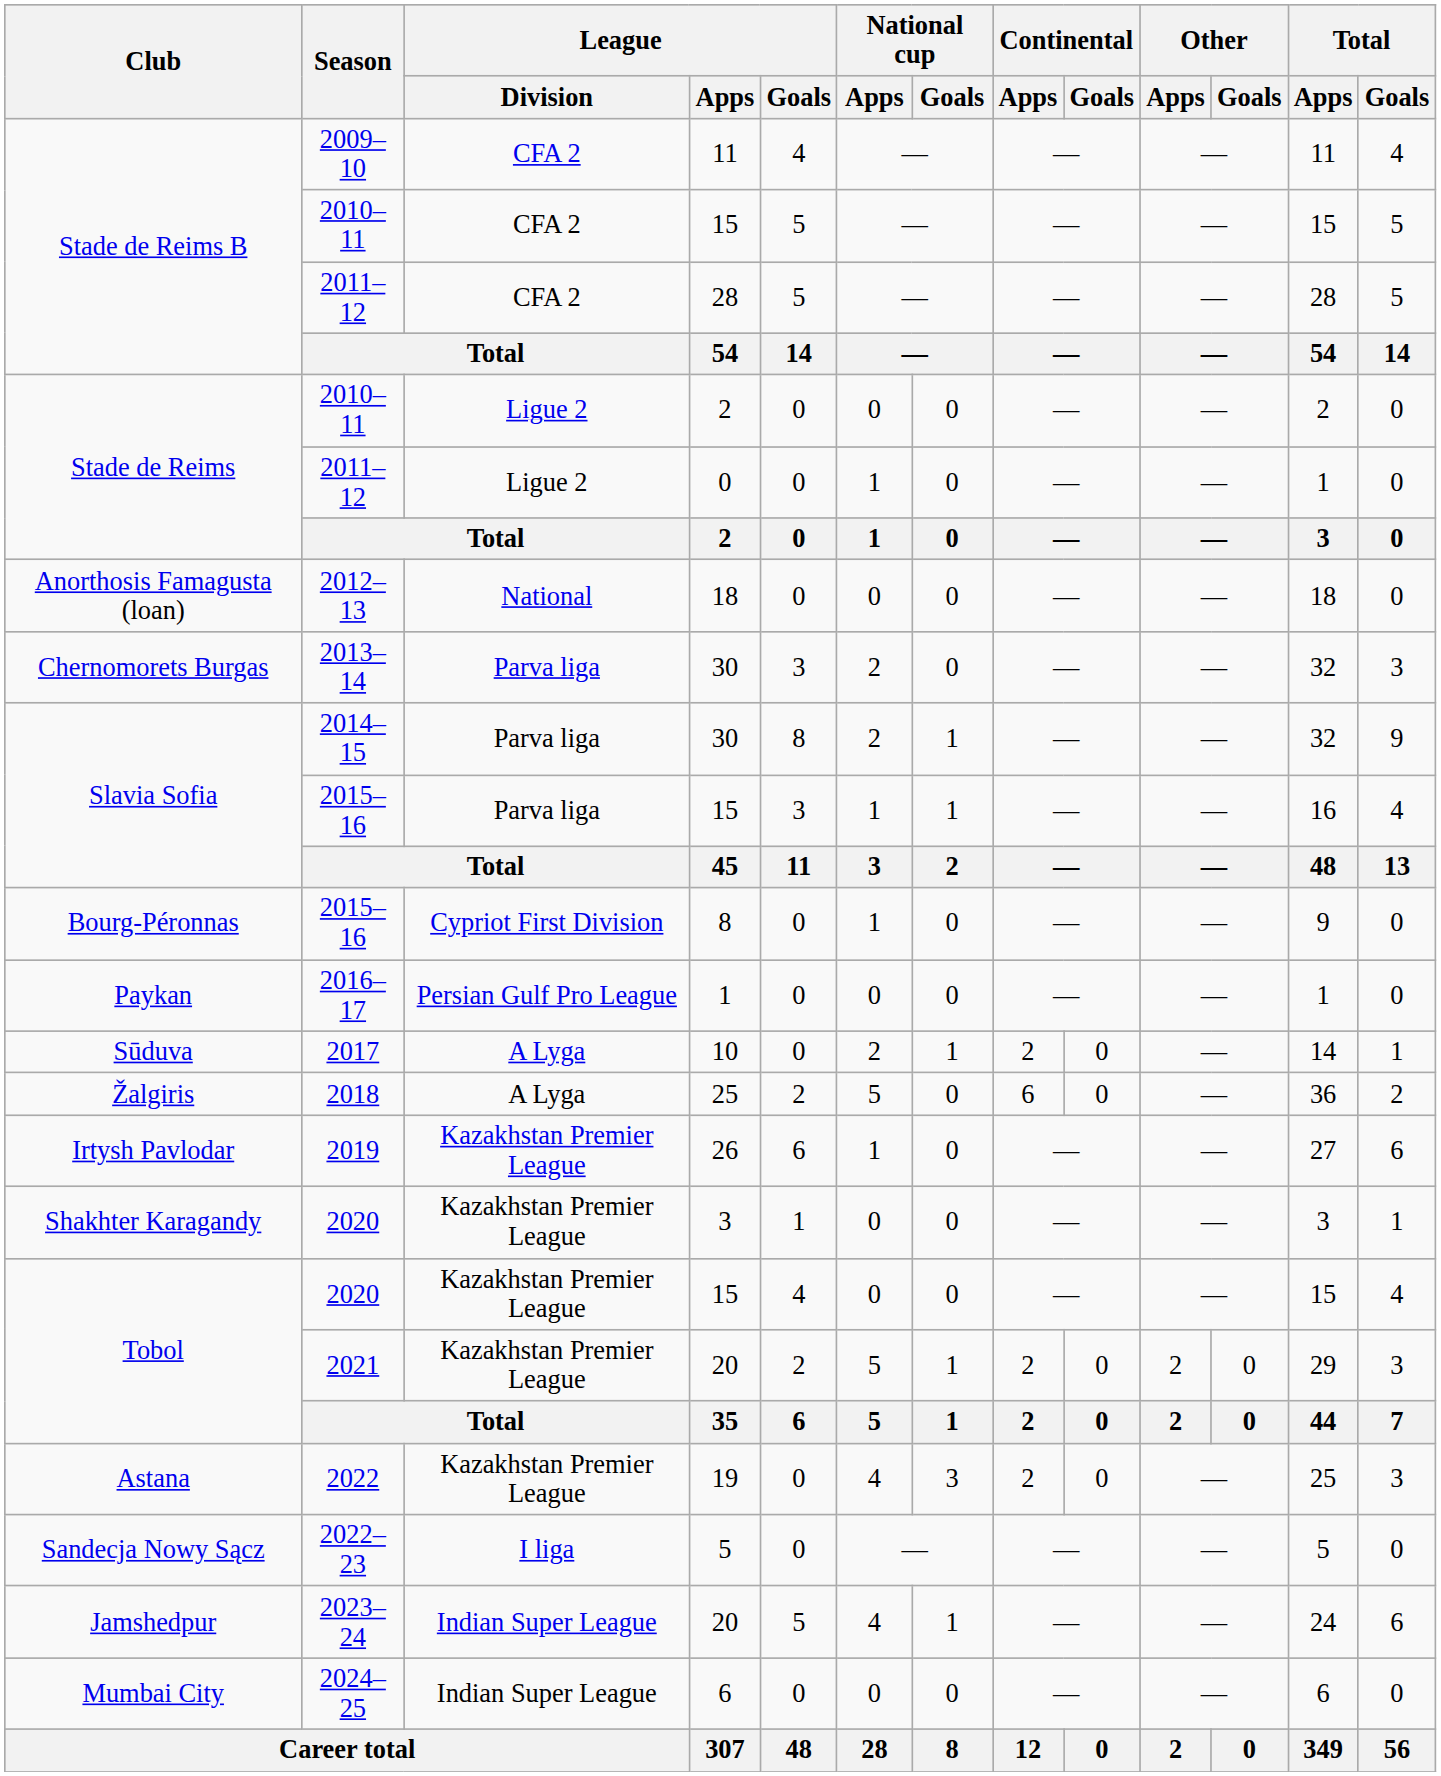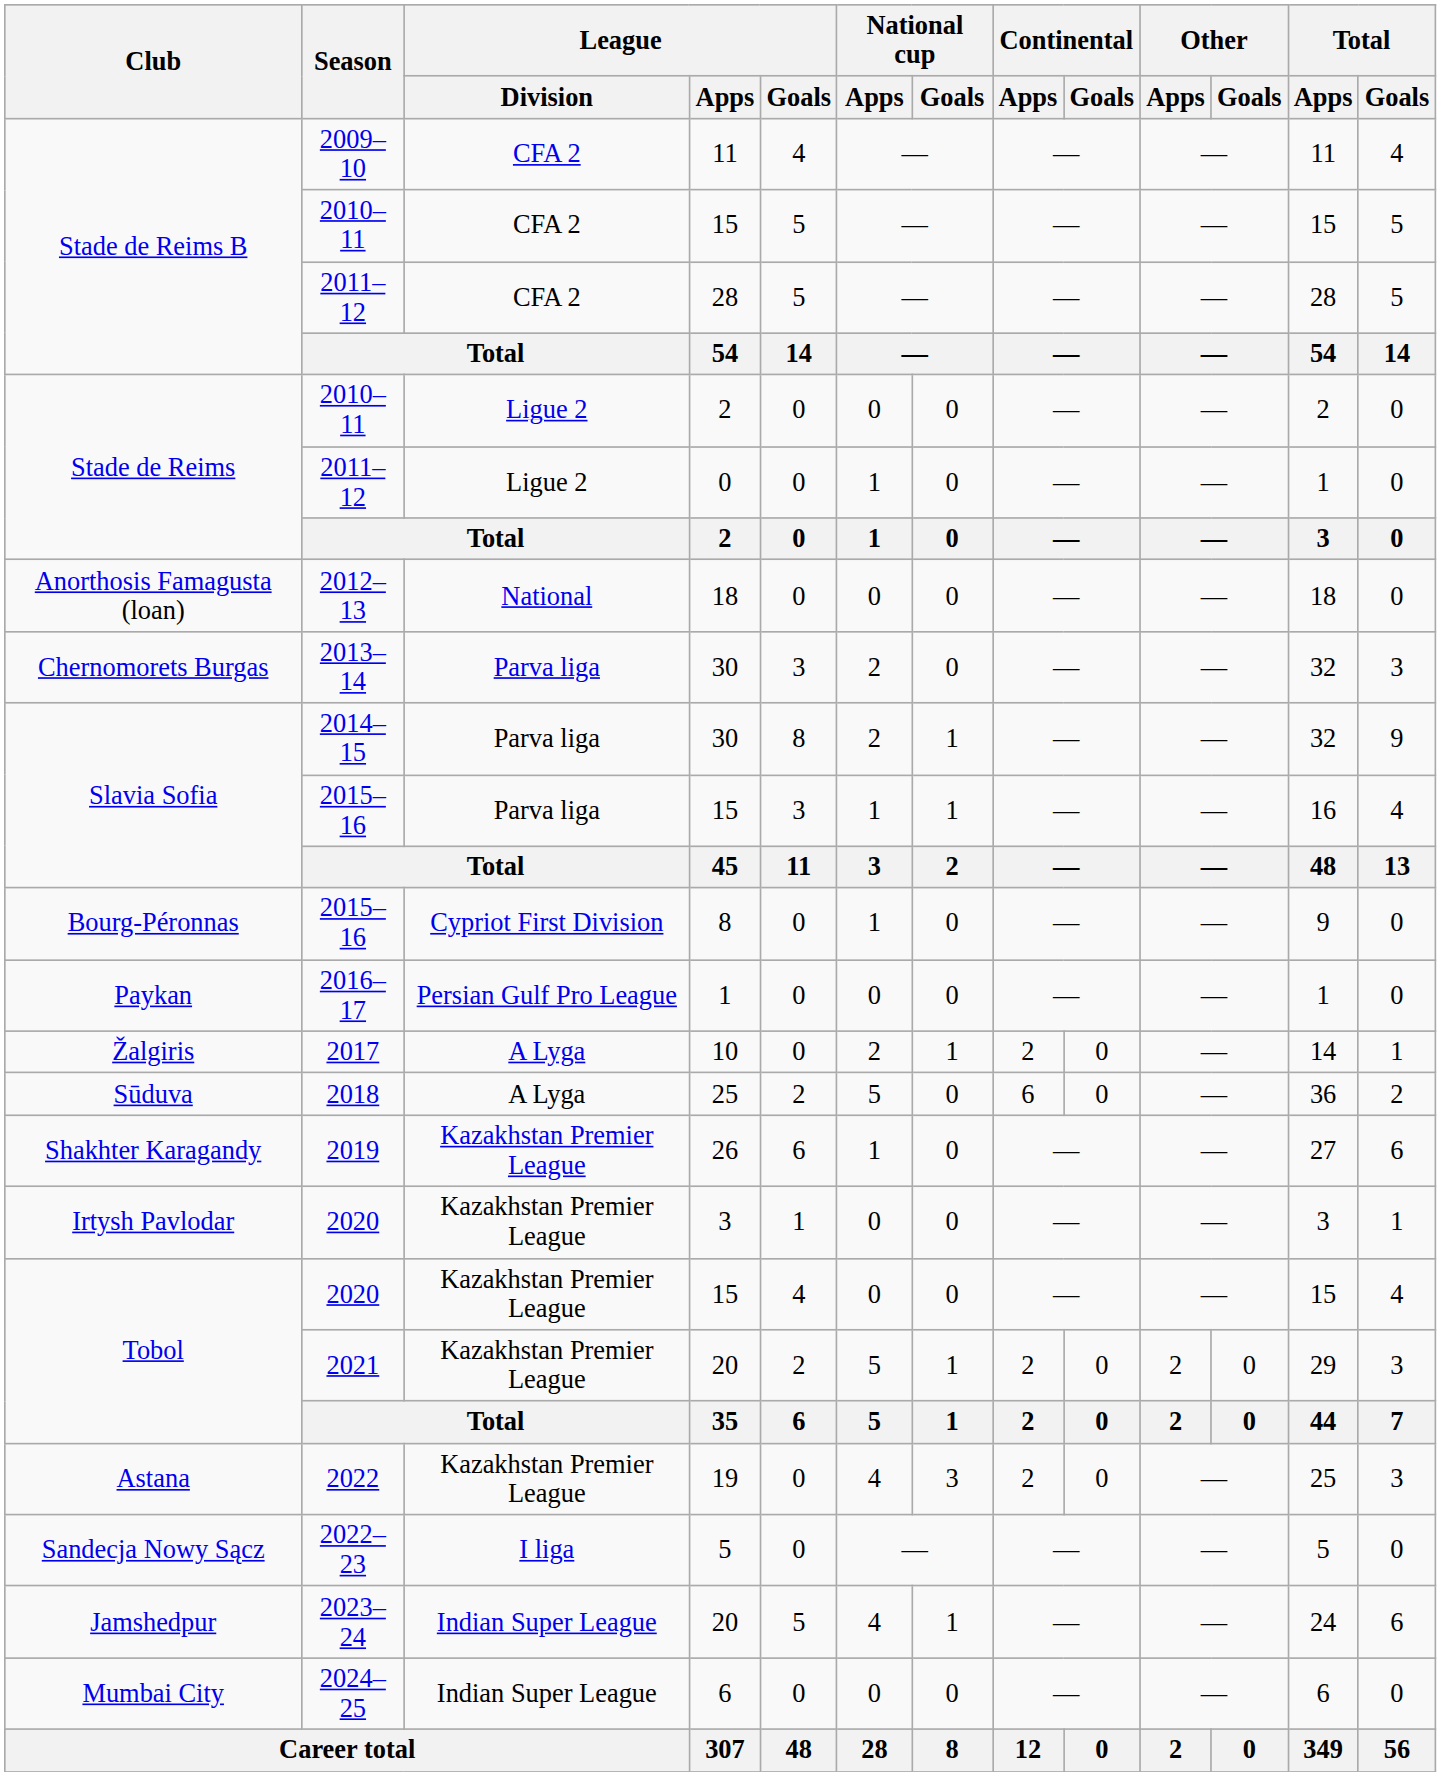 <table class="wikitable" style="text-align:center">
 <tr>
 <th rowspan="2">Club</th>
 <th rowspan="2">Season</th>
 <th colspan="3">League</th>
 <th colspan="2">National cup</th>
 <th colspan="2">Continental</th>
 <th colspan="2">Other</th>
 <th colspan="2">Total</th>
 </tr>
 <tr>
 <th>Division</th>
 <th>Apps</th>
 <th>Goals</th>
 <th>Apps</th>
 <th>Goals</th>
 <th>Apps</th>
 <th>Goals</th>
 <th>Apps</th>
 <th>Goals</th>
 <th>Apps</th>
 <th>Goals</th>
 </tr>
 <tr>
 <td rowspan="4"><a href='#'>Stade de Reims B</a></td>
 <td><a href='#'>2009–10</a></td>
 <td><a href='#'>CFA 2</a></td>
 <td>11</td>
 <td>4</td>
 <td colspan="2">—</td>
 <td colspan="2">—</td>
 <td colspan="2">—</td>
 <td>11</td>
 <td>4</td>
 </tr>
 <tr>
 <td><a href='#'>2010–11</a></td>
 <td>CFA 2</td>
 <td>15</td>
 <td>5</td>
 <td colspan="2">—</td>
 <td colspan="2">—</td>
 <td colspan="2">—</td>
 <td>15</td>
 <td>5</td>
 </tr>
 <tr>
 <td><a href='#'>2011–12</a></td>
 <td>CFA 2</td>
 <td>28</td>
 <td>5</td>
 <td colspan="2">—</td>
 <td colspan="2">—</td>
 <td colspan="2">—</td>
 <td>28</td>
 <td>5</td>
 </tr>
 <tr>
 <th colspan="2">Total</th>
 <th>54</th>
 <th>14</th>
 <th colspan="2">—</th>
 <th colspan="2">—</th>
 <th colspan="2">—</th>
 <th>54</th>
 <th>14</th>
 </tr>
 <tr>
 <td rowspan="3"><a href='#'>Stade de Reims</a></td>
 <td><a href='#'>2010–11</a></td>
 <td><a href='#'>Ligue 2</a></td>
 <td>2</td>
 <td>0</td>
 <td>0</td>
 <td>0</td>
 <td colspan="2">—</td>
 <td colspan="2">—</td>
 <td>2</td>
 <td>0</td>
 </tr>
 <tr>
 <td><a href='#'>2011–12</a></td>
 <td>Ligue 2</td>
 <td>0</td>
 <td>0</td>
 <td>1</td>
 <td>0</td>
 <td colspan="2">—</td>
 <td colspan="2">—</td>
 <td>1</td>
 <td>0</td>
 </tr>
 <tr>
 <th colspan="2">Total</th>
 <th>2</th>
 <th>0</th>
 <th>1</th>
 <th>0</th>
 <th colspan="2">—</th>
 <th colspan="2">—</th>
 <th>3</th>
 <th>0</th>
 </tr>
 <tr>
 <td><a href='#'>Anorthosis Famagusta</a> (loan)</td>
 <td><a href='#'>2012–13</a></td>
 <td><a href='#'>National</a></td>
 <td>18</td>
 <td>0</td>
 <td>0</td>
 <td>0</td>
 <td colspan="2">—</td>
 <td colspan="2">—</td>
 <td>18</td>
 <td>0</td>
 </tr>
 <tr>
 <td><a href='#'>Chernomorets Burgas</a></td>
 <td><a href='#'>2013–14</a></td>
 <td><a href='#'>Parva liga</a></td>
 <td>30</td>
 <td>3</td>
 <td>2</td>
 <td>0</td>
 <td colspan="2">—</td>
 <td colspan="2">—</td>
 <td>32</td>
 <td>3</td>
 </tr>
 <tr>
 <td rowspan="3"><a href='#'>Slavia Sofia</a></td>
 <td><a href='#'>2014–15</a></td>
 <td>Parva liga</td>
 <td>30</td>
 <td>8</td>
 <td>2</td>
 <td>1</td>
 <td colspan="2">—</td>
 <td colspan="2">—</td>
 <td>32</td>
 <td>9</td>
 </tr>
 <tr>
 <td><a href='#'>2015–16</a></td>
 <td>Parva liga</td>
 <td>15</td>
 <td>3</td>
 <td>1</td>
 <td>1</td>
 <td colspan="2">—</td>
 <td colspan="2">—</td>
 <td>16</td>
 <td>4</td>
 </tr>
 <tr>
 <th colspan="2">Total</th>
 <th>45</th>
 <th>11</th>
 <th>3</th>
 <th>2</th>
 <th colspan="2">—</th>
 <th colspan="2">—</th>
 <th>48</th>
 <th>13</th>
 </tr>
 <tr>
 <td><a href='#'>Bourg-Péronnas</a></td>
 <td><a href='#'>2015–16</a></td>
 <td><a href='#'>Cypriot First Division</a></td>
 <td>8</td>
 <td>0</td>
 <td>1</td>
 <td>0</td>
 <td colspan="2">—</td>
 <td colspan="2">—</td>
 <td>9</td>
 <td>0</td>
 </tr>
 <tr>
 <td><a href='#'>Paykan</a></td>
 <td><a href='#'>2016–17</a></td>
 <td><a href='#'>Persian Gulf Pro League</a></td>
 <td>1</td>
 <td>0</td>
 <td>0</td>
 <td>0</td>
 <td colspan="2">—</td>
 <td colspan="2">—</td>
 <td>1</td>
 <td>0</td>
 </tr>
 <tr>
-<td><a href='#'>Sūduva</a></td>
+<td><a href='#'>Žalgiris</a></td>
 <td><a href='#'>2017</a></td>
 <td><a href='#'>A Lyga</a></td>
 <td>10</td>
 <td>0</td>
 <td>2</td>
 <td>1</td>
 <td>2</td>
 <td>0</td>
 <td colspan="2">—</td>
 <td>14</td>
 <td>1</td>
 </tr>
 <tr>
-<td><a href='#'>Žalgiris</a></td>
+<td><a href='#'>Sūduva</a></td>
 <td><a href='#'>2018</a></td>
 <td>A Lyga</td>
 <td>25</td>
 <td>2</td>
 <td>5</td>
 <td>0</td>
 <td>6</td>
 <td>0</td>
 <td colspan="2">—</td>
 <td>36</td>
 <td>2</td>
 </tr>
 <tr>
-<td><a href='#'>Irtysh Pavlodar</a></td>
+<td><a href='#'>Shakhter Karagandy</a></td>
 <td><a href='#'>2019</a></td>
 <td><a href='#'>Kazakhstan Premier League</a></td>
 <td>26</td>
 <td>6</td>
 <td>1</td>
 <td>0</td>
 <td colspan="2">—</td>
 <td colspan="2">—</td>
 <td>27</td>
 <td>6</td>
 </tr>
 <tr>
-<td><a href='#'>Shakhter Karagandy</a></td>
+<td><a href='#'>Irtysh Pavlodar</a></td>
 <td><a href='#'>2020</a></td>
 <td>Kazakhstan Premier League</td>
 <td>3</td>
 <td>1</td>
 <td>0</td>
 <td>0</td>
 <td colspan="2">—</td>
 <td colspan="2">—</td>
 <td>3</td>
 <td>1</td>
 </tr>
 <tr>
 <td rowspan="3"><a href='#'>Tobol</a></td>
 <td><a href='#'>2020</a></td>
 <td>Kazakhstan Premier League</td>
 <td>15</td>
 <td>4</td>
 <td>0</td>
 <td>0</td>
 <td colspan="2">—</td>
 <td colspan="2">—</td>
 <td>15</td>
 <td>4</td>
 </tr>
 <tr>
 <td><a href='#'>2021</a></td>
 <td>Kazakhstan Premier League</td>
 <td>20</td>
 <td>2</td>
 <td>5</td>
 <td>1</td>
 <td>2</td>
 <td>0</td>
 <td>2</td>
 <td>0</td>
 <td>29</td>
 <td>3</td>
 </tr>
 <tr>
 <th colspan="2">Total</th>
 <th>35</th>
 <th>6</th>
 <th>5</th>
 <th>1</th>
 <th>2</th>
 <th>0</th>
 <th>2</th>
 <th>0</th>
 <th>44</th>
 <th>7</th>
 </tr>
 <tr>
 <td><a href='#'>Astana</a></td>
 <td><a href='#'>2022</a></td>
 <td>Kazakhstan Premier League</td>
 <td>19</td>
 <td>0</td>
 <td>4</td>
 <td>3</td>
 <td>2</td>
 <td>0</td>
 <td colspan="2">—</td>
 <td>25</td>
 <td>3</td>
 </tr>
 <tr>
 <td><a href='#'>Sandecja Nowy Sącz</a></td>
 <td><a href='#'>2022–23</a></td>
 <td><a href='#'>I liga</a></td>
 <td>5</td>
 <td>0</td>
 <td colspan="2">—</td>
 <td colspan="2">—</td>
 <td colspan="2">—</td>
 <td>5</td>
 <td>0</td>
 </tr>
 <tr>
 <td><a href='#'>Jamshedpur</a></td>
 <td><a href='#'>2023–24</a></td>
 <td><a href='#'>Indian Super League</a></td>
 <td>20</td>
 <td>5</td>
 <td>4</td>
 <td>1</td>
 <td colspan="2">—</td>
 <td colspan="2">—</td>
 <td>24</td>
 <td>6</td>
 </tr>
 <tr>
 <td><a href='#'>Mumbai City</a></td>
 <td><a href='#'>2024–25</a></td>
 <td>Indian Super League</td>
 <td>6</td>
 <td>0</td>
 <td>0</td>
 <td>0</td>
 <td colspan="2">—</td>
 <td colspan="2">—</td>
 <td>6</td>
 <td>0</td>
 </tr>
 <tr>
 <th colspan="3">Career total</th>
 <th>307</th>
 <th>48</th>
 <th>28</th>
 <th>8</th>
 <th>12</th>
 <th>0</th>
 <th>2</th>
 <th>0</th>
 <th>349</th>
 <th>56</th>
 </tr>
 </table>
